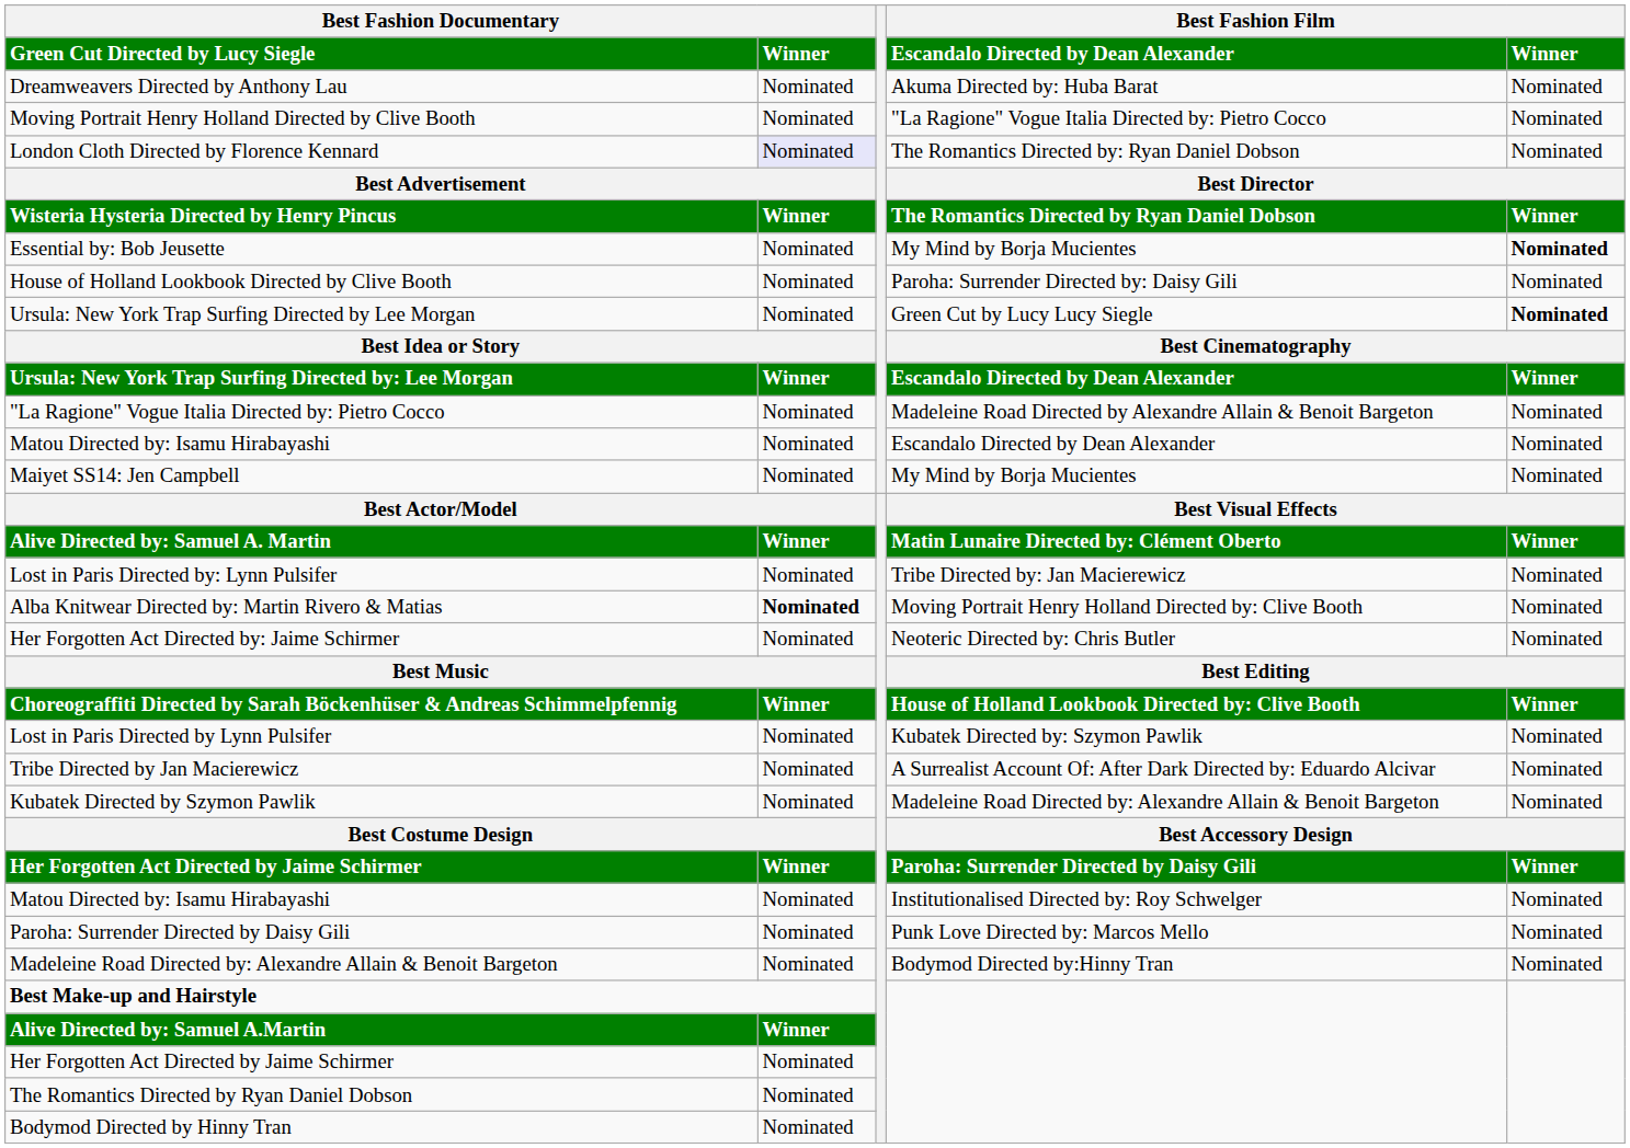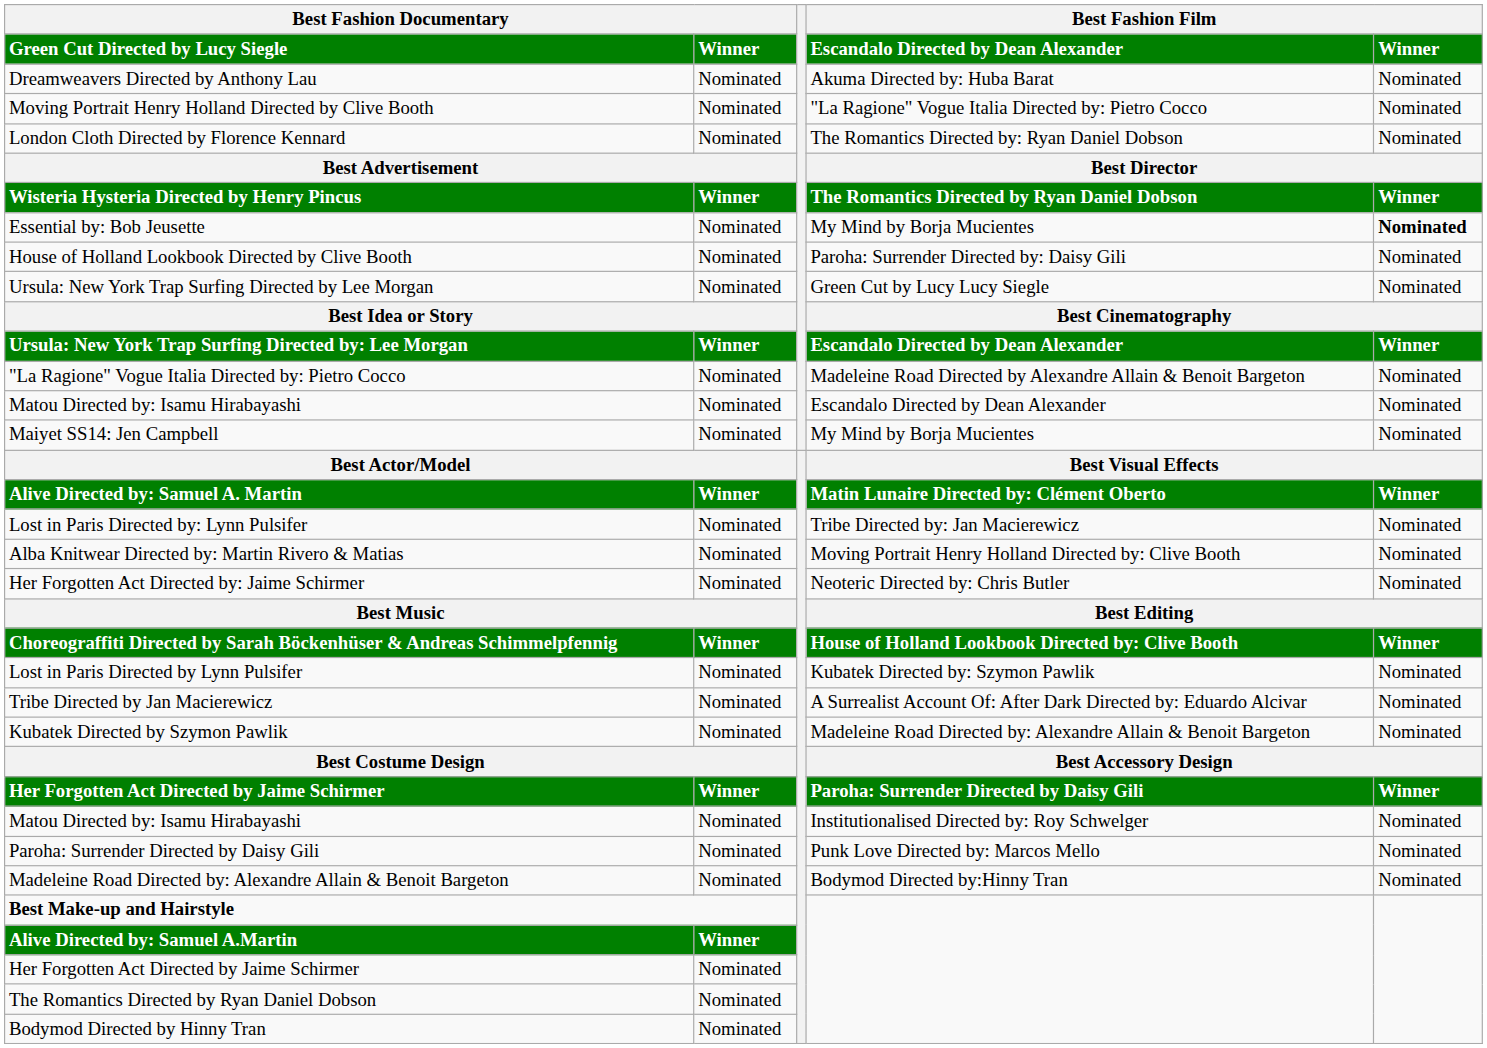 <table class="wikitable" style="width: 100%">
 <tr>
 <th colspan="2"><strong>Best Fashion Documentary</strong></th>
 <th rowspan="15"></th>
 <th colspan="2">Best Fashion Film</th>
 </tr>
 <tr>
 <td style="background: green;color: white;"><strong>Green Cut Directed by Lucy Siegle</strong></td>
 <td style="background: green;color: white;"><strong>Winner</strong></td>
 <td style="background: green;color: white;"><strong>Escandalo Directed by Dean Alexander     </strong></td>
 <td style="background: green;color: white;"><strong>Winner</strong></td>
 </tr>
 <tr>
 <td>Dreamweavers Directed by Anthony Lau</td>
 <td>Nominated</td>
 <td>Akuma Directed by: Huba Barat</td>
 <td>Nominated</td>
 </tr>
 <tr>
 <td>Moving Portrait Henry Holland Directed by Clive Booth</td>
 <td>Nominated</td>
 <td>"La Ragione" Vogue Italia Directed by: Pietro Cocco</td>
 <td>Nominated</td>
 </tr>
 <tr>
 <td>London Cloth Directed by Florence Kennard</td>
-<td style="background: lavender;">Nominated</td>
+<td>Nominated</td>
 <td>The Romantics Directed by: Ryan Daniel Dobson</td>
 <td>Nominated</td>
 </tr>
 <tr>
 <th colspan="2">Best Advertisement</th>
 <th colspan="2">Best Director</th>
 </tr>
 <tr>
 <td style="background: green;color: white;"><strong>Wisteria Hysteria Directed by Henry Pincus</strong></td>
 <td style="background: green;color: white;"><strong>Winner</strong></td>
 <td style="background: green;color: white;"><strong>The Romantics Directed by Ryan Daniel Dobson</strong></td>
 <td style="background: green;color: white;"><strong>Winner</strong></td>
 </tr>
 <tr>
 <td>Essential by: Bob Jeusette</td>
 <td>Nominated</td>
 <td>My Mind by Borja Mucientes</td>
 <td><strong>Nominated</strong></td>
 </tr>
 <tr>
 <td>House of Holland Lookbook Directed by Clive Booth</td>
 <td>Nominated</td>
 <td>Paroha: Surrender Directed by: Daisy Gili</td>
 <td>Nominated</td>
 </tr>
 <tr>
 <td>Ursula: New York Trap Surfing Directed by Lee Morgan</td>
 <td>Nominated</td>
 <td>Green Cut by Lucy Lucy Siegle</td>
-<td><strong>Nominated</strong></td>
+<td>Nominated</td>
 </tr>
 <tr>
 <th colspan="2">Best Idea or Story</th>
 <th colspan="2">Best Cinematography</th>
 </tr>
 <tr>
 <td style="background: green;color: white;"><strong>Ursula: New York Trap Surfing Directed by: Lee Morgan</strong></td>
 <td style="background: green;color: white;"><strong>Winner</strong></td>
 <td style="background: green;color: white;"><strong>Escandalo Directed by Dean Alexander</strong></td>
 <td style="background: green;color: white;"><strong>Winner</strong></td>
 </tr>
 <tr>
 <td>"La Ragione" Vogue Italia Directed by: Pietro Cocco</td>
 <td>Nominated</td>
 <td>Madeleine Road Directed by Alexandre Allain & Benoit Bargeton</td>
 <td>Nominated</td>
 </tr>
 <tr>
 <td>Matou Directed by: Isamu Hirabayashi</td>
 <td>Nominated</td>
 <td>Escandalo Directed by Dean Alexander</td>
 <td>Nominated</td>
 </tr>
 <tr>
 <td>Maiyet SS14: Jen Campbell</td>
 <td>Nominated</td>
 <td>My Mind by Borja Mucientes</td>
 <td>Nominated</td>
 </tr>
 <tr>
 <th colspan="2">Best Actor/Model</th>
 <th rowspan="20"></th>
 <th colspan="2">Best Visual Effects</th>
 </tr>
 <tr>
 <td style="background: green;color: white;"><strong>Alive Directed by: Samuel A. Martin</strong></td>
 <td style="background: green;color: white;"><strong>Winner</strong></td>
 <td style="background: green;color: white;"><strong>Matin Lunaire Directed by: Clément Oberto</strong></td>
 <td style="background: green;color: white;"><strong>Winner</strong></td>
 </tr>
 <tr>
 <td>Lost in Paris Directed by: Lynn Pulsifer</td>
 <td>Nominated</td>
 <td>Tribe Directed by: Jan Macierewicz</td>
 <td>Nominated</td>
 </tr>
 <tr>
 <td>Alba Knitwear Directed by: Martin Rivero & Matias</td>
-<td><strong>Nominated</strong></td>
+<td>Nominated</td>
 <td>Moving Portrait Henry Holland Directed by: Clive Booth</td>
 <td>Nominated</td>
 </tr>
 <tr>
 <td>Her Forgotten Act Directed by: Jaime Schirmer</td>
 <td>Nominated</td>
 <td>Neoteric Directed by: Chris Butler</td>
 <td>Nominated</td>
 </tr>
 <tr>
 <th colspan="2">Best Music</th>
 <th colspan="2">Best Editing</th>
 </tr>
 <tr>
 <td style="background: green;color: white;"><strong>Choreograffiti Directed by Sarah Böckenhüser & Andreas Schimmelpfennig</strong></td>
 <td style="background: green;color: white;"><strong>Winner</strong></td>
 <td style="background: green;color: white;"><strong>House of Holland Lookbook Directed by: Clive Booth</strong></td>
 <td style="background: green;color: white;"><strong>Winner</strong></td>
 </tr>
 <tr>
 <td>Lost in Paris Directed by Lynn Pulsifer</td>
 <td>Nominated</td>
 <td>Kubatek Directed by: Szymon Pawlik</td>
 <td>Nominated</td>
 </tr>
 <tr>
 <td>Tribe Directed by Jan Macierewicz</td>
 <td>Nominated</td>
 <td>A Surrealist Account Of: After Dark Directed by: Eduardo Alcivar</td>
 <td>Nominated</td>
 </tr>
 <tr>
 <td>Kubatek Directed by Szymon Pawlik</td>
 <td>Nominated</td>
 <td>Madeleine Road Directed by: Alexandre Allain & Benoit Bargeton</td>
 <td>Nominated</td>
 </tr>
 <tr>
 <th colspan="2">Best Costume Design</th>
 <th colspan="2">Best Accessory Design</th>
 </tr>
 <tr>
 <td style="background: green;color: white;"><strong>Her Forgotten Act Directed by Jaime Schirmer</strong></td>
 <td style="background: green;color: white;"><strong>Winner</strong></td>
 <td style="background: green;color: white;"><strong>Paroha: Surrender Directed by Daisy Gili</strong></td>
 <td style="background: green;color: white;"><strong>Winner</strong></td>
 </tr>
 <tr>
 <td>Matou Directed by: Isamu Hirabayashi</td>
 <td>Nominated</td>
 <td>Institutionalised Directed by: Roy Schwelger</td>
 <td>Nominated</td>
 </tr>
 <tr>
 <td>Paroha: Surrender Directed by Daisy Gili</td>
 <td>Nominated</td>
 <td>Punk Love Directed by: Marcos Mello</td>
 <td>Nominated</td>
 </tr>
 <tr>
 <td>Madeleine Road Directed by: Alexandre Allain & Benoit Bargeton</td>
 <td>Nominated</td>
 <td>Bodymod Directed by:Hinny Tran</td>
 <td>Nominated</td>
 </tr>
 <tr>
 <td colspan="2"><strong>Best Make-up and Hairstyle</strong></td>
 <td rowspan="5"></td>
 <td rowspan="5"></td>
 </tr>
 <tr>
 <td style="background: green;color: white;"><strong>Alive Directed by: Samuel A.Martin</strong></td>
 <td style="background: green;color: white;"><strong>Winner</strong></td>
 </tr>
 <tr>
 <td>Her Forgotten Act Directed by Jaime Schirmer</td>
 <td>Nominated</td>
 </tr>
 <tr>
 <td>The Romantics Directed by Ryan Daniel Dobson</td>
 <td>Nominated</td>
 </tr>
 <tr>
 <td>Bodymod Directed by Hinny Tran</td>
 <td>Nominated</td>
 </tr>
 </table>
